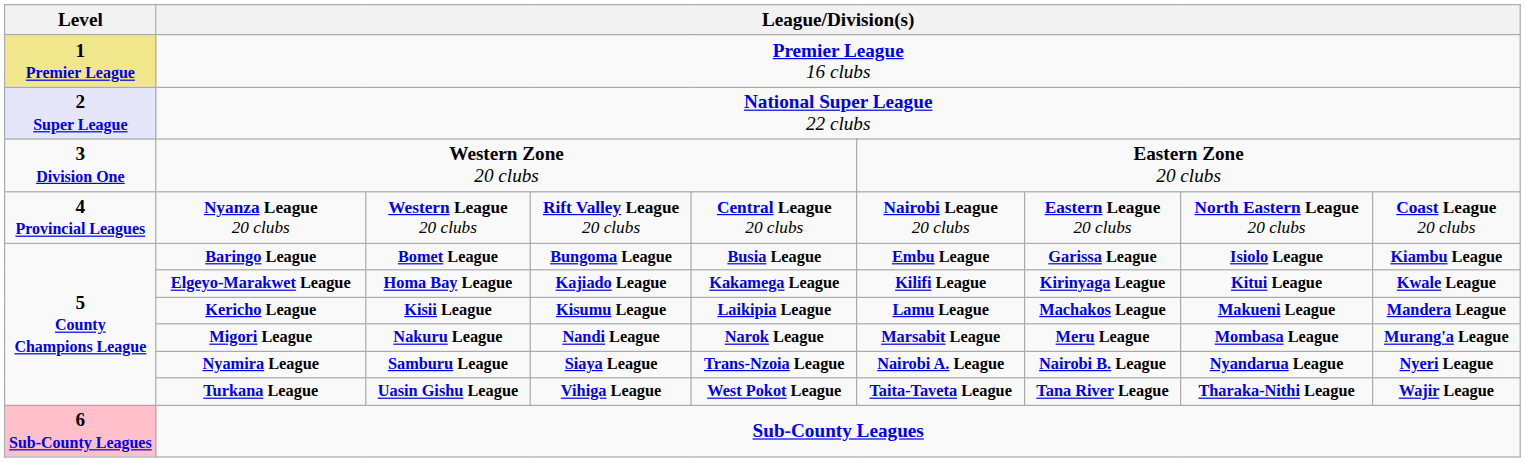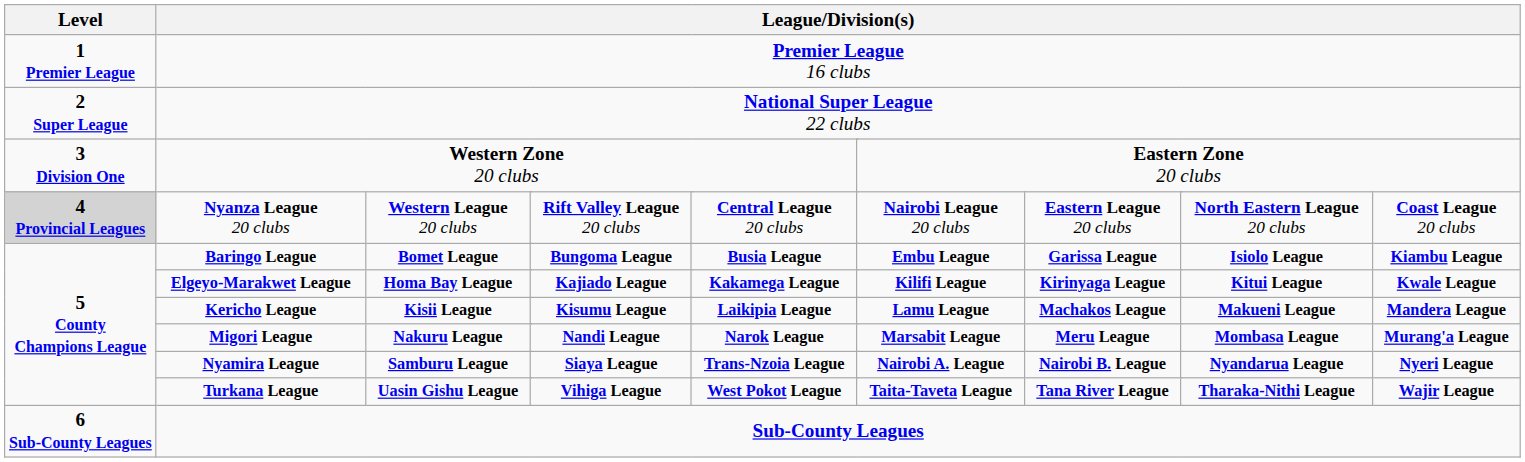 <table class="wikitable" align="center" style="width: 100%; text-align: center;">
 <tr>
 <th width="10%">Level</th>
 <th colspan="64">League/Division(s)</th>
 </tr>
 <tr>
-<td style="background: khaki;"><strong>1</strong><br><small><strong><a href='#'>Premier League</a></strong></small></td>
+<td><strong>1</strong><br><small><strong><a href='#'>Premier League</a></strong></small></td>
 <td colspan="64"><strong><a href='#'>Premier League</a></strong><br><em>16 clubs</em></td>
 </tr>
 <tr>
-<td style="background: lavender;"><strong>2</strong><br><small><strong><a href='#'>Super League</a></strong></small></td>
+<td><strong>2</strong><br><small><strong><a href='#'>Super League</a></strong></small></td>
 <td colspan="64"><strong><a href='#'>National Super League</a></strong><br><em>22 clubs</em></td>
 </tr>
 <tr>
 <td><strong>3</strong><br><small><strong><a href='#'>Division One</a></strong></small></td>
 <td colspan="32"><strong>Western Zone</strong><br><em>20 clubs</em></td>
 <td colspan="32"><strong>Eastern Zone</strong><br><em>20 clubs</em></td>
 </tr>
 <tr>
-<td><strong>4</strong><br><small><strong><a href='#'>Provincial Leagues</a></strong></small></td>
+<td style="background: lightgrey;"><strong>4</strong><br><small><strong><a href='#'>Provincial Leagues</a></strong></small></td>
 <td style="font-size: 90%;" colspan="8"><strong><a href='#'>Nyanza</a> League</strong><br><em>20 clubs</em></td>
 <td style="font-size: 90%;" colspan="8"><strong><a href='#'>Western</a> League</strong><br><em>20 clubs</em></td>
 <td style="font-size: 90%;" colspan="8"><strong><a href='#'>Rift Valley</a> League</strong><br><em>20 clubs</em></td>
 <td style="font-size: 90%;" colspan="8"><strong><a href='#'>Central</a> League</strong><br><em>20 clubs</em></td>
 <td style="font-size: 90%;" colspan="8"><strong><a href='#'>Nairobi</a> League</strong><br><em>20 clubs</em></td>
 <td style="font-size: 90%;" colspan="8"><strong><a href='#'>Eastern</a> League</strong><br><em>20 clubs</em></td>
 <td style="font-size: 90%;" colspan="8"><strong><a href='#'>North Eastern</a> League</strong><br><em>20 clubs</em></td>
 <td style="font-size: 90%;" colspan="8"><strong><a href='#'>Coast</a> League</strong><br><em>20 clubs</em></td>
 </tr>
 <tr>
 <td rowspan="6"><strong>5</strong><br><small><strong><a href='#'>County<br>Champions League</a></strong></small></td>
 <td style="font-size: 85%;" colspan="8"><strong><a href='#'>Baringo</a> League</strong></td>
 <td style="font-size: 85%;" colspan="8"><strong><a href='#'>Bomet</a> League</strong></td>
 <td style="font-size: 85%;" colspan="8"><strong><a href='#'>Bungoma</a> League</strong></td>
 <td style="font-size: 85%;" colspan="8"><strong><a href='#'>Busia</a> League</strong></td>
 <td style="font-size: 85%;" colspan="8"><strong><a href='#'>Embu</a> League</strong></td>
 <td style="font-size: 85%;" colspan="8"><strong><a href='#'>Garissa</a> League</strong></td>
 <td style="font-size: 85%;" colspan="8"><strong><a href='#'>Isiolo</a> League</strong></td>
 <td style="font-size: 85%;" colspan="8"><strong><a href='#'>Kiambu</a> League</strong></td>
 </tr>
 <tr>
 <td style="font-size: 85%;" colspan="8"><strong><a href='#'>Elgeyo-Marakwet</a> League</strong></td>
 <td style="font-size: 85%;" colspan="8"><strong><a href='#'>Homa Bay</a> League</strong></td>
 <td style="font-size: 85%;" colspan="8"><strong><a href='#'>Kajiado</a> League</strong></td>
 <td style="font-size: 85%;" colspan="8"><strong><a href='#'>Kakamega</a> League</strong></td>
 <td style="font-size: 85%;" colspan="8"><strong><a href='#'>Kilifi</a> League</strong></td>
 <td style="font-size: 85%;" colspan="8"><strong><a href='#'>Kirinyaga</a> League</strong></td>
 <td style="font-size: 85%;" colspan="8"><strong><a href='#'>Kitui</a> League</strong></td>
 <td style="font-size: 85%;" colspan="8"><strong><a href='#'>Kwale</a> League</strong></td>
 </tr>
 <tr>
 <td style="font-size: 85%;" colspan="8"><strong><a href='#'>Kericho</a> League</strong></td>
 <td style="font-size: 85%;" colspan="8"><strong><a href='#'>Kisii</a> League</strong></td>
 <td style="font-size: 85%;" colspan="8"><strong><a href='#'>Kisumu</a> League</strong></td>
 <td style="font-size: 85%;" colspan="8"><strong><a href='#'>Laikipia</a> League</strong></td>
 <td style="font-size: 85%;" colspan="8"><strong><a href='#'>Lamu</a> League</strong></td>
 <td style="font-size: 85%;" colspan="8"><strong><a href='#'>Machakos</a> League</strong></td>
 <td style="font-size: 85%;" colspan="8"><strong><a href='#'>Makueni</a> League</strong></td>
 <td style="font-size: 85%;" colspan="8"><strong><a href='#'>Mandera</a> League</strong></td>
 </tr>
 <tr>
 <td style="font-size: 85%;" colspan="8"><strong><a href='#'>Migori</a> League</strong></td>
 <td style="font-size: 85%;" colspan="8"><strong><a href='#'>Nakuru</a> League</strong></td>
 <td style="font-size: 85%;" colspan="8"><strong><a href='#'>Nandi</a> League</strong></td>
 <td style="font-size: 85%;" colspan="8"><strong><a href='#'>Narok</a> League</strong></td>
 <td style="font-size: 85%;" colspan="8"><strong><a href='#'>Marsabit</a> League</strong></td>
 <td style="font-size: 85%;" colspan="8"><strong><a href='#'>Meru</a> League</strong></td>
 <td style="font-size: 85%;" colspan="8"><strong><a href='#'>Mombasa</a> League</strong></td>
 <td style="font-size: 85%;" colspan="8"><strong><a href='#'>Murang'a</a> League</strong></td>
 </tr>
 <tr>
 <td style="font-size: 85%;" colspan="8"><strong><a href='#'>Nyamira</a> League</strong></td>
 <td style="font-size: 85%;" colspan="8"><strong><a href='#'>Samburu</a> League</strong></td>
 <td style="font-size: 85%;" colspan="8"><strong><a href='#'>Siaya</a> League</strong></td>
 <td style="font-size: 85%;" colspan="8"><strong><a href='#'>Trans-Nzoia</a> League</strong></td>
 <td style="font-size: 85%;" colspan="8"><strong><a href='#'>Nairobi A.</a> League</strong></td>
 <td style="font-size: 85%;" colspan="8"><strong><a href='#'>Nairobi B.</a> League</strong></td>
 <td style="font-size: 85%;" colspan="8"><strong><a href='#'>Nyandarua</a> League</strong></td>
 <td style="font-size: 85%;" colspan="8"><strong><a href='#'>Nyeri</a> League</strong></td>
 </tr>
 <tr>
 <td style="font-size: 85%;" colspan="8"><strong><a href='#'>Turkana</a> League</strong></td>
 <td style="font-size: 85%;" colspan="8"><strong><a href='#'>Uasin Gishu</a> League</strong></td>
 <td style="font-size: 85%;" colspan="8"><strong><a href='#'>Vihiga</a> League</strong></td>
 <td style="font-size: 85%;" colspan="8"><strong><a href='#'>West Pokot</a> League</strong></td>
 <td style="font-size: 85%;" colspan="8"><strong><a href='#'>Taita-Taveta</a> League</strong></td>
 <td style="font-size: 85%;" colspan="8"><strong><a href='#'>Tana River</a> League</strong></td>
 <td style="font-size: 85%;" colspan="8"><strong><a href='#'>Tharaka-Nithi</a> League</strong></td>
 <td style="font-size: 85%;" colspan="8"><strong><a href='#'>Wajir</a> League</strong></td>
 </tr>
 <tr>
-<td style="background: pink;"><strong>6</strong><br><small><strong><a href='#'>Sub-County Leagues</a></strong></small></td>
+<td><strong>6</strong><br><small><strong><a href='#'>Sub-County Leagues</a></strong></small></td>
 <td colspan="64"><strong><a href='#'>Sub-County Leagues</a></strong></td>
 </tr>
 </table>
